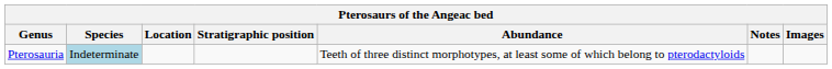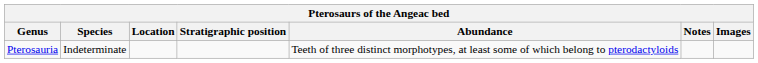 <table class="wikitable sortable">
 <tr>
 <th colspan="7" align="center"><strong>Pterosaurs of the Angeac bed</strong></th>
 </tr>
 <tr>
 <th>Genus</th>
 <th>Species</th>
 <th>Location</th>
 <th>Stratigraphic position</th>
 <th>Abundance</th>
 <th>Notes</th>
 <th>Images</th>
 </tr>
 <tr>
 <td><a href='#'>Pterosauria</a></td>
-<td style="background: lightblue;">Indeterminate</td>
+<td>Indeterminate</td>
 <td></td>
 <td></td>
 <td>Teeth of three distinct morphotypes, at least some of which belong to <a href='#'>pterodactyloids</a></td>
 <td></td>
 <td></td>
 </tr>
 </table>
